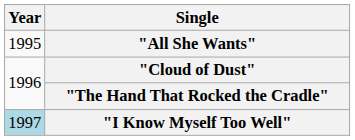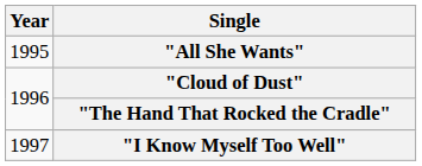 <table class="wikitable plainrowheaders">
 <tr>
 <th>Year</th>
 <th style="width:18em;">Single</th>
 </tr>
 <tr>
 <td>1995</td>
 <th scope="row">"All She Wants"</th>
 </tr>
 <tr>
 <td rowspan="2">1996</td>
 <th scope="row">"Cloud of Dust"</th>
 </tr>
 <tr>
 <th scope="row">"The Hand That Rocked the Cradle"</th>
 </tr>
 <tr>
-<td style="background: lightblue;">1997</td>
+<td>1997</td>
 <th scope="row">"I Know Myself Too Well"</th>
 </tr>
 </table>
